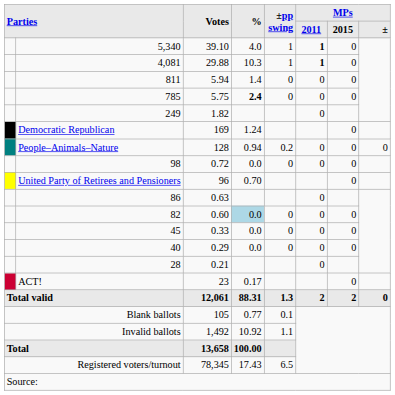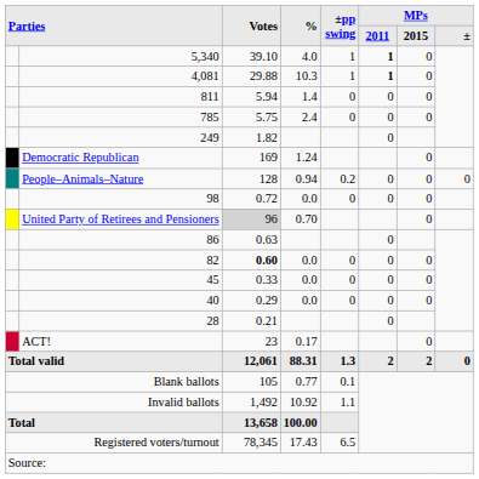 <table class="wikitable" style="text-align:right; font-size:95%;">
 <tr>
 <th rowspan="2" colspan="2" style="background:#e9e9e9; text-align:left;" alignleft><a href='#'>Parties</a></th>
 <th rowspan="2" style="background:#e9e9e9; text-align:right;">Votes</th>
 <th rowspan="2" style="background:#e9e9e9; text-align:right;">%</th>
 <th rowspan="2" style="background:#e9e9e9; text-align:right;">±<a href='#'>pp</a> <a href='#'>swing</a></th>
 <th colspan="3" style="background:#e9e9e9; text-align:center;"><a href='#'>MPs</a></th>
 </tr>
 <tr style="background-color:#E9E9E9">
 <th style="background-color:#E9E9E9;text-align:center;"><a href='#'>2011</a></th>
 <th style="background-color:#E9E9E9;text-align:center;">2015</th>
 <th style="background:#e9e9e9; text-align:right;">±</th>
 </tr>
 <tr>
 <td> </td>
 <td>5,340</td>
 <td>39.10</td>
 <td>4.0</td>
 <td>1</td>
 <td><strong>1</strong></td>
 <td>0</td>
 </tr>
 <tr>
 <td></td>
 <td>4,081</td>
 <td>29.88</td>
 <td>10.3</td>
 <td>1</td>
 <td><strong>1</strong></td>
 <td>0</td>
 </tr>
 <tr>
 <td></td>
 <td>811</td>
 <td>5.94</td>
 <td>1.4</td>
 <td>0</td>
 <td>0</td>
 <td>0</td>
 </tr>
 <tr>
 <td></td>
 <td>785</td>
 <td>5.75</td>
-<td><strong>2.4</strong></td>
+<td>2.4</td>
 <td>0</td>
 <td>0</td>
 <td>0</td>
 </tr>
 <tr>
 <td></td>
 <td>249</td>
 <td>1.82</td>
 <td></td>
 <td></td>
 <td>0</td>
 <td></td>
 </tr>
 <tr>
 <td style="width: 10px" bgcolor=black align="center"></td>
 <td align=left><a href='#'>Democratic Republican</a></td>
 <td>169</td>
 <td>1.24</td>
 <td></td>
 <td></td>
 <td>0</td>
 <td></td>
 </tr>
 <tr>
 <td style="width: 10px" bgcolor="teal" align="center"></td>
 <td align="left"><a href='#'>People–Animals–Nature</a></td>
 <td>128</td>
 <td>0.94</td>
 <td>0.2</td>
 <td>0</td>
 <td>0</td>
 <td>0</td>
 </tr>
 <tr>
 <td></td>
 <td>98</td>
 <td>0.72</td>
 <td>0.0</td>
 <td>0</td>
 <td>0</td>
 <td>0</td>
 </tr>
 <tr>
 <td style="width: 10px" bgcolor=yellow align="center"></td>
 <td align=left><a href='#'>United Party of Retirees and Pensioners</a></td>
-<td>96</td>
+<td style="background: lightgrey;">96</td>
 <td>0.70</td>
 <td></td>
 <td></td>
 <td>0</td>
 <td></td>
 </tr>
 <tr>
 <td></td>
 <td>86</td>
 <td>0.63</td>
 <td></td>
 <td></td>
 <td>0</td>
 <td></td>
 </tr>
 <tr>
 <td></td>
 <td>82</td>
-<td>0.60</td>
-<td style="background: lightblue;">0.0</td>
+<td><strong>0.60</strong></td>
+<td>0.0</td>
 <td>0</td>
 <td>0</td>
 <td>0</td>
 </tr>
 <tr>
 <td></td>
 <td>45</td>
 <td>0.33</td>
 <td>0.0</td>
 <td>0</td>
 <td>0</td>
 <td>0</td>
 </tr>
 <tr>
 <td></td>
 <td>40</td>
 <td>0.29</td>
 <td>0.0</td>
 <td>0</td>
 <td>0</td>
 <td>0</td>
 </tr>
 <tr>
 <td></td>
 <td>28</td>
 <td>0.21</td>
 <td></td>
 <td></td>
 <td>0</td>
 <td></td>
 </tr>
 <tr>
 <td style="width:10px; background:#CC0033; text-align:center;"></td>
 <td style="text-align:left;">ACT! </td>
 <td>23</td>
 <td>0.17</td>
 <td></td>
 <td></td>
 <td>0</td>
 <td></td>
 </tr>
 <tr>
 <td colspan=2 align=left style="background-color:#E9E9E9"><strong>Total valid</strong></td>
 <td width="65" align="right" style="background-color:#E9E9E9"><strong>12,061</strong></td>
 <td width="40" align="right" style="background-color:#E9E9E9"><strong>88.31</strong></td>
 <td width="40" align="right" style="background-color:#E9E9E9"><strong>1.3</strong></td>
 <td width="40" align="right" style="background-color:#E9E9E9"><strong>2</strong></td>
 <td width="40" align="right" style="background-color:#E9E9E9"><strong>2</strong></td>
 <td width="40" align="right" style="background-color:#E9E9E9"><strong>0</strong></td>
 </tr>
 <tr>
 <td colspan=2>Blank ballots</td>
 <td>105</td>
 <td>0.77</td>
 <td>0.1</td>
 <td colspan=4 rowspan=4></td>
 </tr>
 <tr>
 <td colspan=2>Invalid ballots</td>
 <td>1,492</td>
 <td>10.92</td>
 <td>1.1</td>
 </tr>
 <tr>
 <td colspan=2 width="259" align=left style="background-color:#E9E9E9"><strong>Total</strong></td>
 <td width="50" align="right" style="background-color:#E9E9E9"><strong>13,658</strong></td>
 <td width="40" align="right" style="background-color:#E9E9E9"><strong>100.00</strong></td>
 <td width="40" align="right" style="background-color:#E9E9E9"></td>
 </tr>
 <tr>
 <td colspan=2>Registered voters/turnout</td>
 <td>78,345</td>
 <td>17.43</td>
 <td>6.5</td>
 </tr>
 <tr>
 <td colspan=11 align=left>Source: </td>
 </tr>
 </table>
